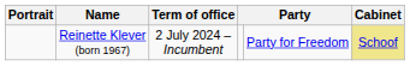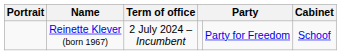 <table class="wikitable" style="text-align:center">
 <tr>
 <th>Portrait</th>
 <th>Name<br></th>
 <th>Term of office</th>
 <th colspan=2>Party</th>
 <th>Cabinet</th>
 </tr>
 <tr>
 <td></td>
 <td><a href='#'>Reinette Klever</a> <br> <small>(born 1967)</small></td>
 <td>2 July 2024 – <br> <em>Incumbent</em></td>
 <td style="background:"></td>
 <td><a href='#'>Party for Freedom</a></td>
-<td style="background: khaki;"><a href='#'>Schoof</a></td>
+<td><a href='#'>Schoof</a></td>
 </tr>
 </table>
